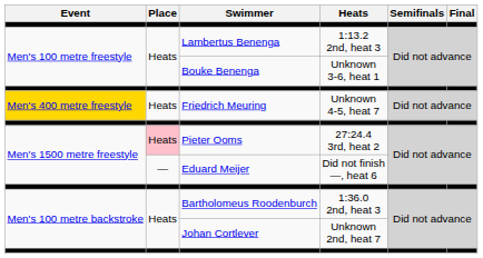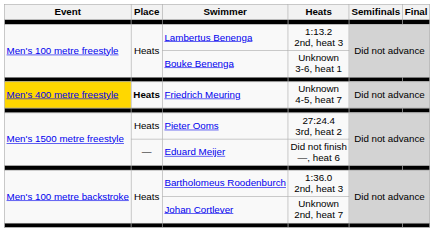 <table class=wikitable>
 <tr>
 <th>Event</th>
 <th>Place</th>
 <th>Swimmer</th>
 <th>Heats</th>
 <th>Semifinals</th>
 <th>Final</th>
 </tr>
 <tr bgcolor=black>
 <td></td>
 <td></td>
 <td></td>
 <td></td>
 <td></td>
 <td></td>
 </tr>
 <tr align=center>
 <td rowspan=2 align=left><a href='#'>Men's 100 metre freestyle</a></td>
 <td rowspan=2>Heats</td>
 <td align=left><a href='#'>Lambertus Benenga</a></td>
 <td>1:13.2 <br> 2nd, heat 3</td>
 <td rowspan=2 colspan=2 bgcolor=lightgray>Did not advance</td>
 </tr>
 <tr align=center>
 <td align=left><a href='#'>Bouke Benenga</a></td>
 <td>Unknown <br> 3-6, heat 1</td>
 </tr>
 <tr bgcolor=black>
 <td></td>
 <td></td>
 <td></td>
 <td></td>
 <td></td>
 <td></td>
 </tr>
 <tr align=center>
 <td align=left style="background: gold;"><a href='#'>Men's 400 metre freestyle</a></td>
-<td>Heats</td>
+<td><strong>Heats</strong></td>
 <td align=left><a href='#'>Friedrich Meuring</a></td>
 <td>Unknown <br> 4-5, heat 7</td>
 <td colspan=2 bgcolor=lightgray>Did not advance</td>
 </tr>
 <tr bgcolor=black>
 <td></td>
 <td></td>
 <td></td>
 <td></td>
 <td></td>
 <td></td>
 </tr>
 <tr align=center>
 <td rowspan=2 align=left><a href='#'>Men's 1500 metre freestyle</a></td>
-<td style="background: pink;">Heats</td>
+<td>Heats</td>
 <td align=left><a href='#'>Pieter Ooms</a></td>
 <td>27:24.4 <br> 3rd, heat 2</td>
 <td rowspan=2 colspan=2 bgcolor=lightgray>Did not advance</td>
 </tr>
 <tr align=center>
 <td>—</td>
 <td align=left><a href='#'>Eduard Meijer</a></td>
 <td>Did not finish <br> —, heat 6</td>
 </tr>
 <tr bgcolor=black>
 <td></td>
 <td></td>
 <td></td>
 <td></td>
 <td></td>
 <td></td>
 </tr>
 <tr align=center>
 <td rowspan=2 align=left><a href='#'>Men's 100 metre backstroke</a></td>
 <td rowspan=2>Heats</td>
 <td align=left><a href='#'>Bartholomeus Roodenburch</a></td>
 <td>1:36.0 <br> 2nd, heat 3</td>
 <td rowspan=2 colspan=2 bgcolor=lightgray>Did not advance</td>
 </tr>
 <tr align=center>
 <td align=left><a href='#'>Johan Cortlever</a></td>
 <td>Unknown <br> 2nd, heat 7</td>
 </tr>
 <tr bgcolor=black>
 <td></td>
 <td></td>
 <td></td>
 <td></td>
 <td></td>
 <td></td>
 </tr>
 </table>
